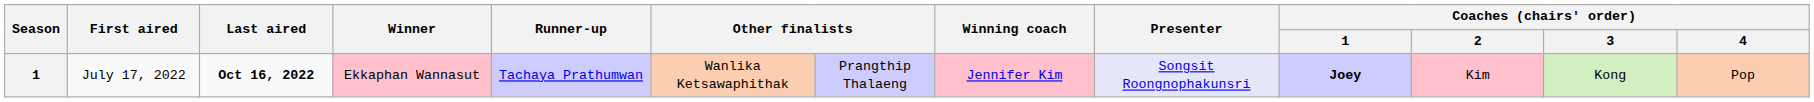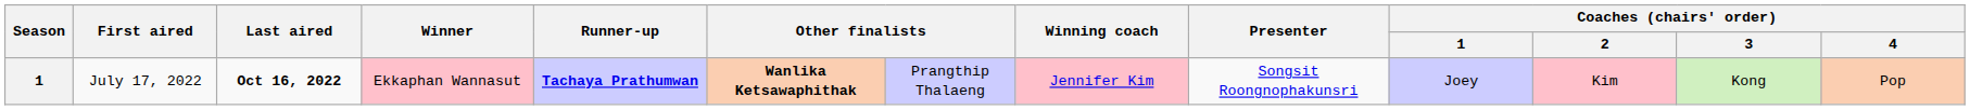 <table class="wikitable" style="text-align:center; font-size:90%; line-height:16px; width:100%">
 <tr>
 <th rowspan="2" scope="col" width="1%">Season</th>
 <th rowspan="2" scope="col" width="5%">First aired</th>
 <th rowspan="2" scope="col" width="5%">Last aired</th>
 <th rowspan="2" scope="col" width="6%">Winner</th>
 <th rowspan="2" scope="col" width="6%">Runner-up</th>
 <th colspan="2" rowspan="2" width="10%">Other finalists</th>
 <th rowspan="2" scope="col" width="6%">Winning coach</th>
 <th rowspan="2" scope="col" width="6%">Presenter</th>
 <th colspan="4" nowrap>Coaches (chairs' order)</th>
 </tr>
 <tr>
 <th width="5%">1</th>
 <th width="5%">2</th>
 <th width="5%">3</th>
 <th width="5%">4</th>
 </tr>
 <tr>
 <th scope="row">1</th>
 <td>July 17, 2022</td>
 <td><strong>Oct 16, 2022</strong></td>
 <td style="background: pink">Ekkaphan Wannasut</td>
-<td style="background:#ccccff"><a href='#'>Tachaya Prathumwan</a></td>
-<td style="background:#fbceb1">Wanlika Ketsawaphithak</td>
+<td style="background:#ccccff"><strong><a href='#'>Tachaya Prathumwan</a></strong></td>
+<td style="background:#fbceb1"><strong>Wanlika Ketsawaphithak</strong></td>
 <td style="background:#ccccff">Prangthip Thalaeng</td>
 <td style="background: pink"><a href='#'>Jennifer Kim</a></td>
-<td style="background: lavender;"><a href='#'>Songsit Roongnophakunsri</a></td>
-<td style="background:#ccccff"><strong>Joey</strong></td>
+<td><a href='#'>Songsit Roongnophakunsri</a></td>
+<td style="background:#ccccff">Joey</td>
 <td style="background: pink">Kim</td>
 <td style="background:#d0f0c0">Kong</td>
 <td style="background:#fbceb1">Pop</td>
 </tr>
 </table>
